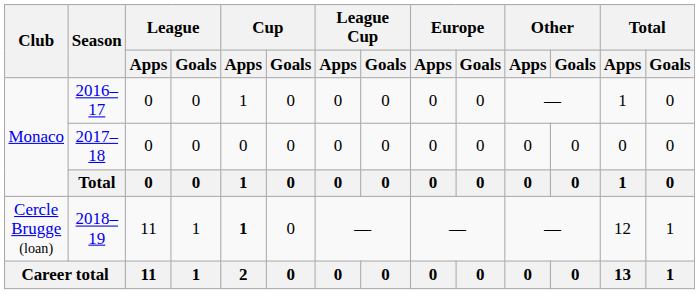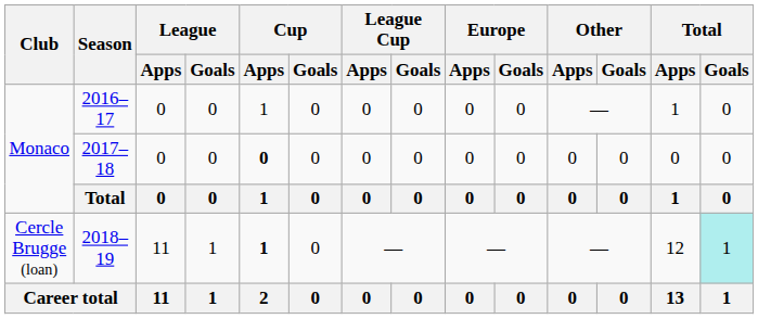 <table class="wikitable" style="text-align: center">
 <tr>
 <th rowspan="2">Club</th>
 <th rowspan="2">Season</th>
 <th colspan="2">League</th>
 <th colspan="2">Cup</th>
 <th colspan="2">League Cup</th>
 <th colspan="2">Europe</th>
 <th colspan="2">Other</th>
 <th colspan="2">Total</th>
 </tr>
 <tr>
 <th>Apps</th>
 <th>Goals</th>
 <th>Apps</th>
 <th>Goals</th>
 <th>Apps</th>
 <th>Goals</th>
 <th>Apps</th>
 <th>Goals</th>
 <th>Apps</th>
 <th>Goals</th>
 <th>Apps</th>
 <th>Goals</th>
 </tr>
 <tr>
 <td rowspan="3"><a href='#'>Monaco</a></td>
 <td><a href='#'>2016–17</a></td>
 <td>0</td>
 <td>0</td>
 <td>1</td>
 <td>0</td>
 <td>0</td>
 <td>0</td>
 <td>0</td>
 <td>0</td>
 <td colspan="2">—</td>
 <td>1</td>
 <td>0</td>
 </tr>
 <tr>
 <td><a href='#'>2017–18</a></td>
 <td>0</td>
 <td>0</td>
-<td>0</td>
+<td><strong>0</strong></td>
 <td>0</td>
 <td>0</td>
 <td>0</td>
 <td>0</td>
 <td>0</td>
 <td>0</td>
 <td>0</td>
 <td>0</td>
 <td>0</td>
 </tr>
 <tr>
 <th>Total</th>
 <th>0</th>
 <th>0</th>
 <th>1</th>
 <th>0</th>
 <th>0</th>
 <th>0</th>
 <th>0</th>
 <th>0</th>
 <th>0</th>
 <th>0</th>
 <th>1</th>
 <th>0</th>
 </tr>
 <tr>
 <td rowspan="1"><a href='#'>Cercle Brugge</a> <small>(loan)</small></td>
 <td><a href='#'>2018–19</a></td>
 <td>11</td>
 <td>1</td>
 <td><strong>1</strong></td>
 <td>0</td>
 <td colspan="2">—</td>
 <td colspan="2">—</td>
 <td colspan="2">—</td>
 <td>12</td>
-<td>1</td>
+<td style="background: paleturquoise;">1</td>
 </tr>
 <tr>
 <th colspan="2">Career total</th>
 <th>11</th>
 <th>1</th>
 <th>2</th>
 <th>0</th>
 <th>0</th>
 <th>0</th>
 <th>0</th>
 <th>0</th>
 <th>0</th>
 <th>0</th>
 <th>13</th>
 <th>1</th>
 </tr>
 </table>
